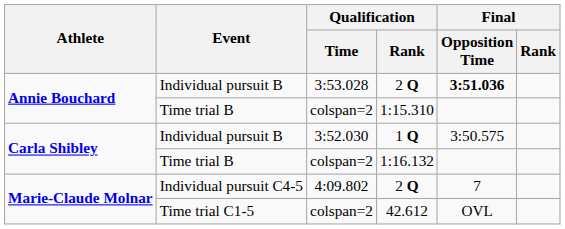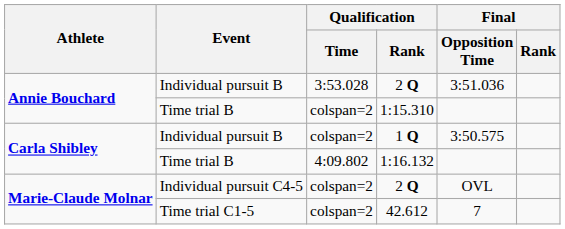 <table class=wikitable style="font-size:90%">
 <tr>
 <th rowspan="2">Athlete</th>
 <th rowspan="2">Event</th>
 <th colspan="2">Qualification</th>
 <th colspan="2">Final</th>
 </tr>
 <tr>
 <th>Time</th>
 <th>Rank</th>
 <th>Opposition<br>Time</th>
 <th>Rank</th>
 </tr>
 <tr align=center>
 <td align=left rowspan=2><strong><a href='#'>Annie Bouchard</a></strong></td>
 <td align=left>Individual pursuit B</td>
 <td>3:53.028</td>
 <td>2 <strong>Q</strong></td>
-<td><strong>3:51.036</strong></td>
+<td>3:51.036</td>
 <td></td>
 </tr>
 <tr align=center>
 <td align=left>Time trial B</td>
 <td>colspan=2 </td>
 <td>1:15.310</td>
 <td></td>
 </tr>
 <tr align=center>
 <td align=left rowspan=2><strong><a href='#'>Carla Shibley</a></strong></td>
 <td align=left>Individual pursuit B</td>
-<td>3:52.030</td>
+<td>colspan=2 </td>
 <td>1 <strong>Q</strong></td>
 <td>3:50.575</td>
 <td></td>
 </tr>
 <tr align=center>
 <td align=left>Time trial B</td>
-<td>colspan=2 </td>
+<td>4:09.802</td>
 <td>1:16.132</td>
 <td></td>
 </tr>
 <tr align=center>
 <td align=left rowspan=2><strong><a href='#'>Marie-Claude Molnar</a></strong></td>
 <td align=left>Individual pursuit C4-5</td>
-<td>4:09.802</td>
+<td>colspan=2 </td>
 <td>2 <strong>Q</strong></td>
-<td>7</td>
+<td>OVL</td>
 <td></td>
 </tr>
 <tr align=center>
 <td align=left>Time trial C1-5</td>
 <td>colspan=2 </td>
 <td>42.612</td>
-<td>OVL</td>
+<td>7</td>
 </tr>
 </table>
